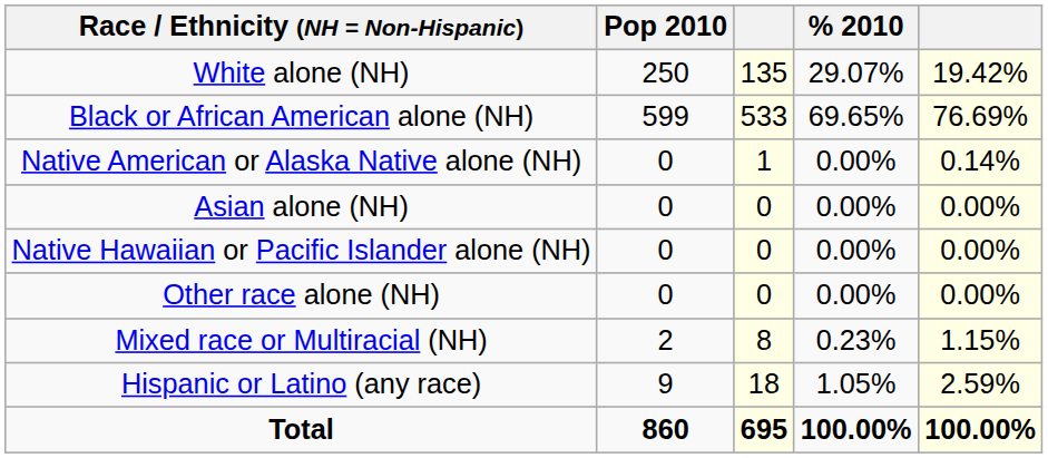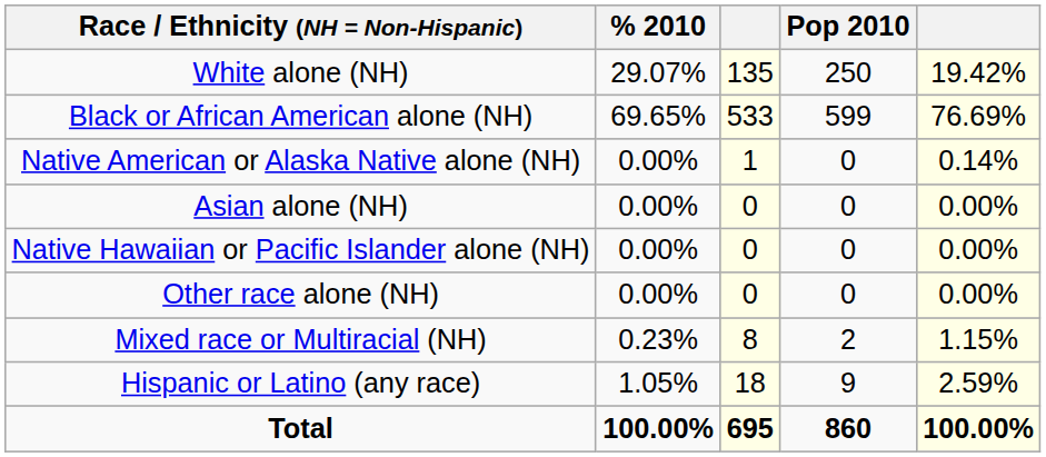 <table class="wikitable" style="text-align:center;">
 <tr>
 <th>Race / Ethnicity <small>(<em>NH = Non-Hispanic</em>)</small></th>
+<th>% 2010</th>
+<th></th>
 <th>Pop 2010</th>
-<th></th>
-<th>% 2010</th>
 <th></th>
 </tr>
 <tr>
 <td><a href='#'>White</a> alone (NH)</td>
+<td>29.07%</td>
+<td style='background: #ffffe6;'>135</td>
 <td>250</td>
-<td style='background: #ffffe6;'>135</td>
-<td>29.07%</td>
 <td style='background: #ffffe6;'>19.42%</td>
 </tr>
 <tr>
 <td><a href='#'>Black or African American</a> alone (NH)</td>
+<td>69.65%</td>
+<td style='background: #ffffe6;'>533</td>
 <td>599</td>
-<td style='background: #ffffe6;'>533</td>
-<td>69.65%</td>
 <td style='background: #ffffe6;'>76.69%</td>
 </tr>
 <tr>
 <td><a href='#'>Native American</a> or <a href='#'>Alaska Native</a> alone (NH)</td>
+<td>0.00%</td>
+<td style='background: #ffffe6;'>1</td>
 <td>0</td>
-<td style='background: #ffffe6;'>1</td>
-<td>0.00%</td>
 <td style='background: #ffffe6;'>0.14%</td>
 </tr>
 <tr>
 <td><a href='#'>Asian</a> alone (NH)</td>
+<td>0.00%</td>
+<td style='background: #ffffe6;'>0</td>
 <td>0</td>
-<td style='background: #ffffe6;'>0</td>
-<td>0.00%</td>
 <td style='background: #ffffe6;'>0.00%</td>
 </tr>
 <tr>
 <td><a href='#'>Native Hawaiian</a> or <a href='#'>Pacific Islander</a> alone (NH)</td>
+<td>0.00%</td>
+<td style='background: #ffffe6;'>0</td>
 <td>0</td>
-<td style='background: #ffffe6;'>0</td>
-<td>0.00%</td>
 <td style='background: #ffffe6;'>0.00%</td>
 </tr>
 <tr>
 <td><a href='#'>Other race</a> alone (NH)</td>
+<td>0.00%</td>
+<td style='background: #ffffe6;'>0</td>
 <td>0</td>
-<td style='background: #ffffe6;'>0</td>
-<td>0.00%</td>
 <td style='background: #ffffe6;'>0.00%</td>
 </tr>
 <tr>
 <td><a href='#'>Mixed race or Multiracial</a> (NH)</td>
+<td>0.23%</td>
+<td style='background: #ffffe6;'>8</td>
 <td>2</td>
-<td style='background: #ffffe6;'>8</td>
-<td>0.23%</td>
 <td style='background: #ffffe6;'>1.15%</td>
 </tr>
 <tr>
 <td><a href='#'>Hispanic or Latino</a> (any race)</td>
+<td>1.05%</td>
+<td style='background: #ffffe6;'>18</td>
 <td>9</td>
-<td style='background: #ffffe6;'>18</td>
-<td>1.05%</td>
 <td style='background: #ffffe6;'>2.59%</td>
 </tr>
 <tr>
 <td><strong>Total</strong></td>
+<td><strong>100.00%</strong></td>
+<td style='background: #ffffe6;'><strong>695</strong></td>
 <td><strong>860</strong></td>
-<td style='background: #ffffe6;'><strong>695</strong></td>
-<td><strong>100.00%</strong></td>
 <td style='background: #ffffe6;'><strong>100.00%</strong></td>
 </tr>
 </table>
